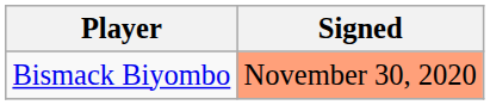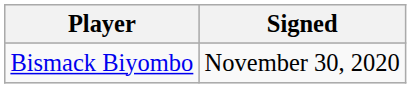 <table class="wikitable sortable sortable" style="text-align: center">
 <tr>
 <th>Player</th>
 <th>Signed</th>
 </tr>
 <tr style="text-align: center">
 <td><a href='#'>Bismack Biyombo</a></td>
-<td style="background: lightsalmon;">November 30, 2020</td>
+<td>November 30, 2020</td>
 </tr>
 </table>
